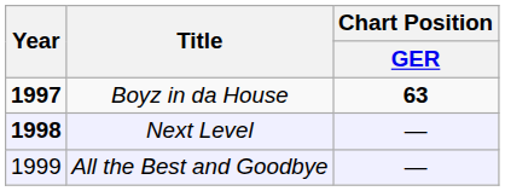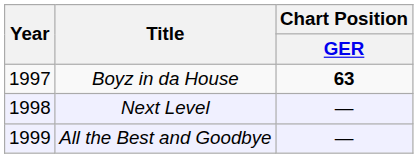 <table class="wikitable">
 <tr style="background-color:#efefef;">
 <th rowspan="2">Year</th>
 <th rowspan="2">Title</th>
 <th colspan="9">Chart Position</th>
 </tr>
 <tr style="background-color:#efefef;">
 <th><a href='#'>GER</a></th>
 </tr>
 <tr align="center">
-<td><strong>1997</strong></td>
+<td>1997</td>
 <td><em>Boyz in da House</em></td>
 <td><strong>63</strong></td>
 </tr>
 <tr style="background-color:#f0f0ff" align="center">
-<td><strong>1998</strong></td>
+<td>1998</td>
 <td><em>Next Level</em></td>
 <td>—</td>
 </tr>
 <tr style="background-color:#f0f0ff" align="center">
 <td>1999</td>
 <td><em>All the Best and Goodbye</em></td>
 <td>—</td>
 </tr>
 </table>
